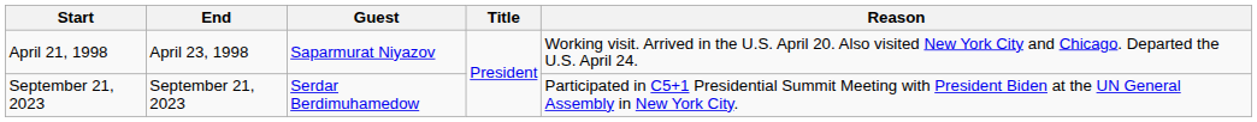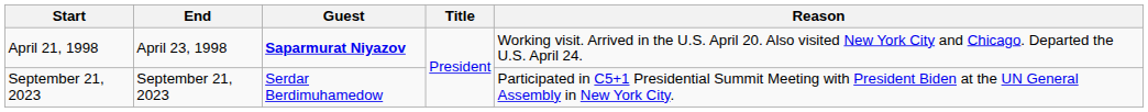 <table class="wikitable">
 <tr>
 <th>Start</th>
 <th>End</th>
 <th>Guest</th>
 <th>Title</th>
 <th>Reason</th>
 </tr>
 <tr>
 <td>April 21, 1998</td>
 <td>April 23, 1998</td>
-<td><a href='#'>Saparmurat Niyazov</a></td>
+<td><strong><a href='#'>Saparmurat Niyazov</a></strong></td>
 <td rowspan=2><a href='#'>President</a></td>
 <td>Working visit. Arrived in the U.S. April 20. Also visited <a href='#'>New York City</a> and <a href='#'>Chicago</a>. Departed the U.S. April 24.</td>
 </tr>
 <tr>
 <td>September 21, 2023</td>
 <td>September 21, 2023</td>
 <td><a href='#'>Serdar Berdimuhamedow</a></td>
 <td>Participated in <a href='#'>C5+1</a> Presidential Summit Meeting with <a href='#'>President Biden</a> at the <a href='#'>UN General Assembly</a> in <a href='#'>New York City</a>.</td>
 </tr>
 </table>
